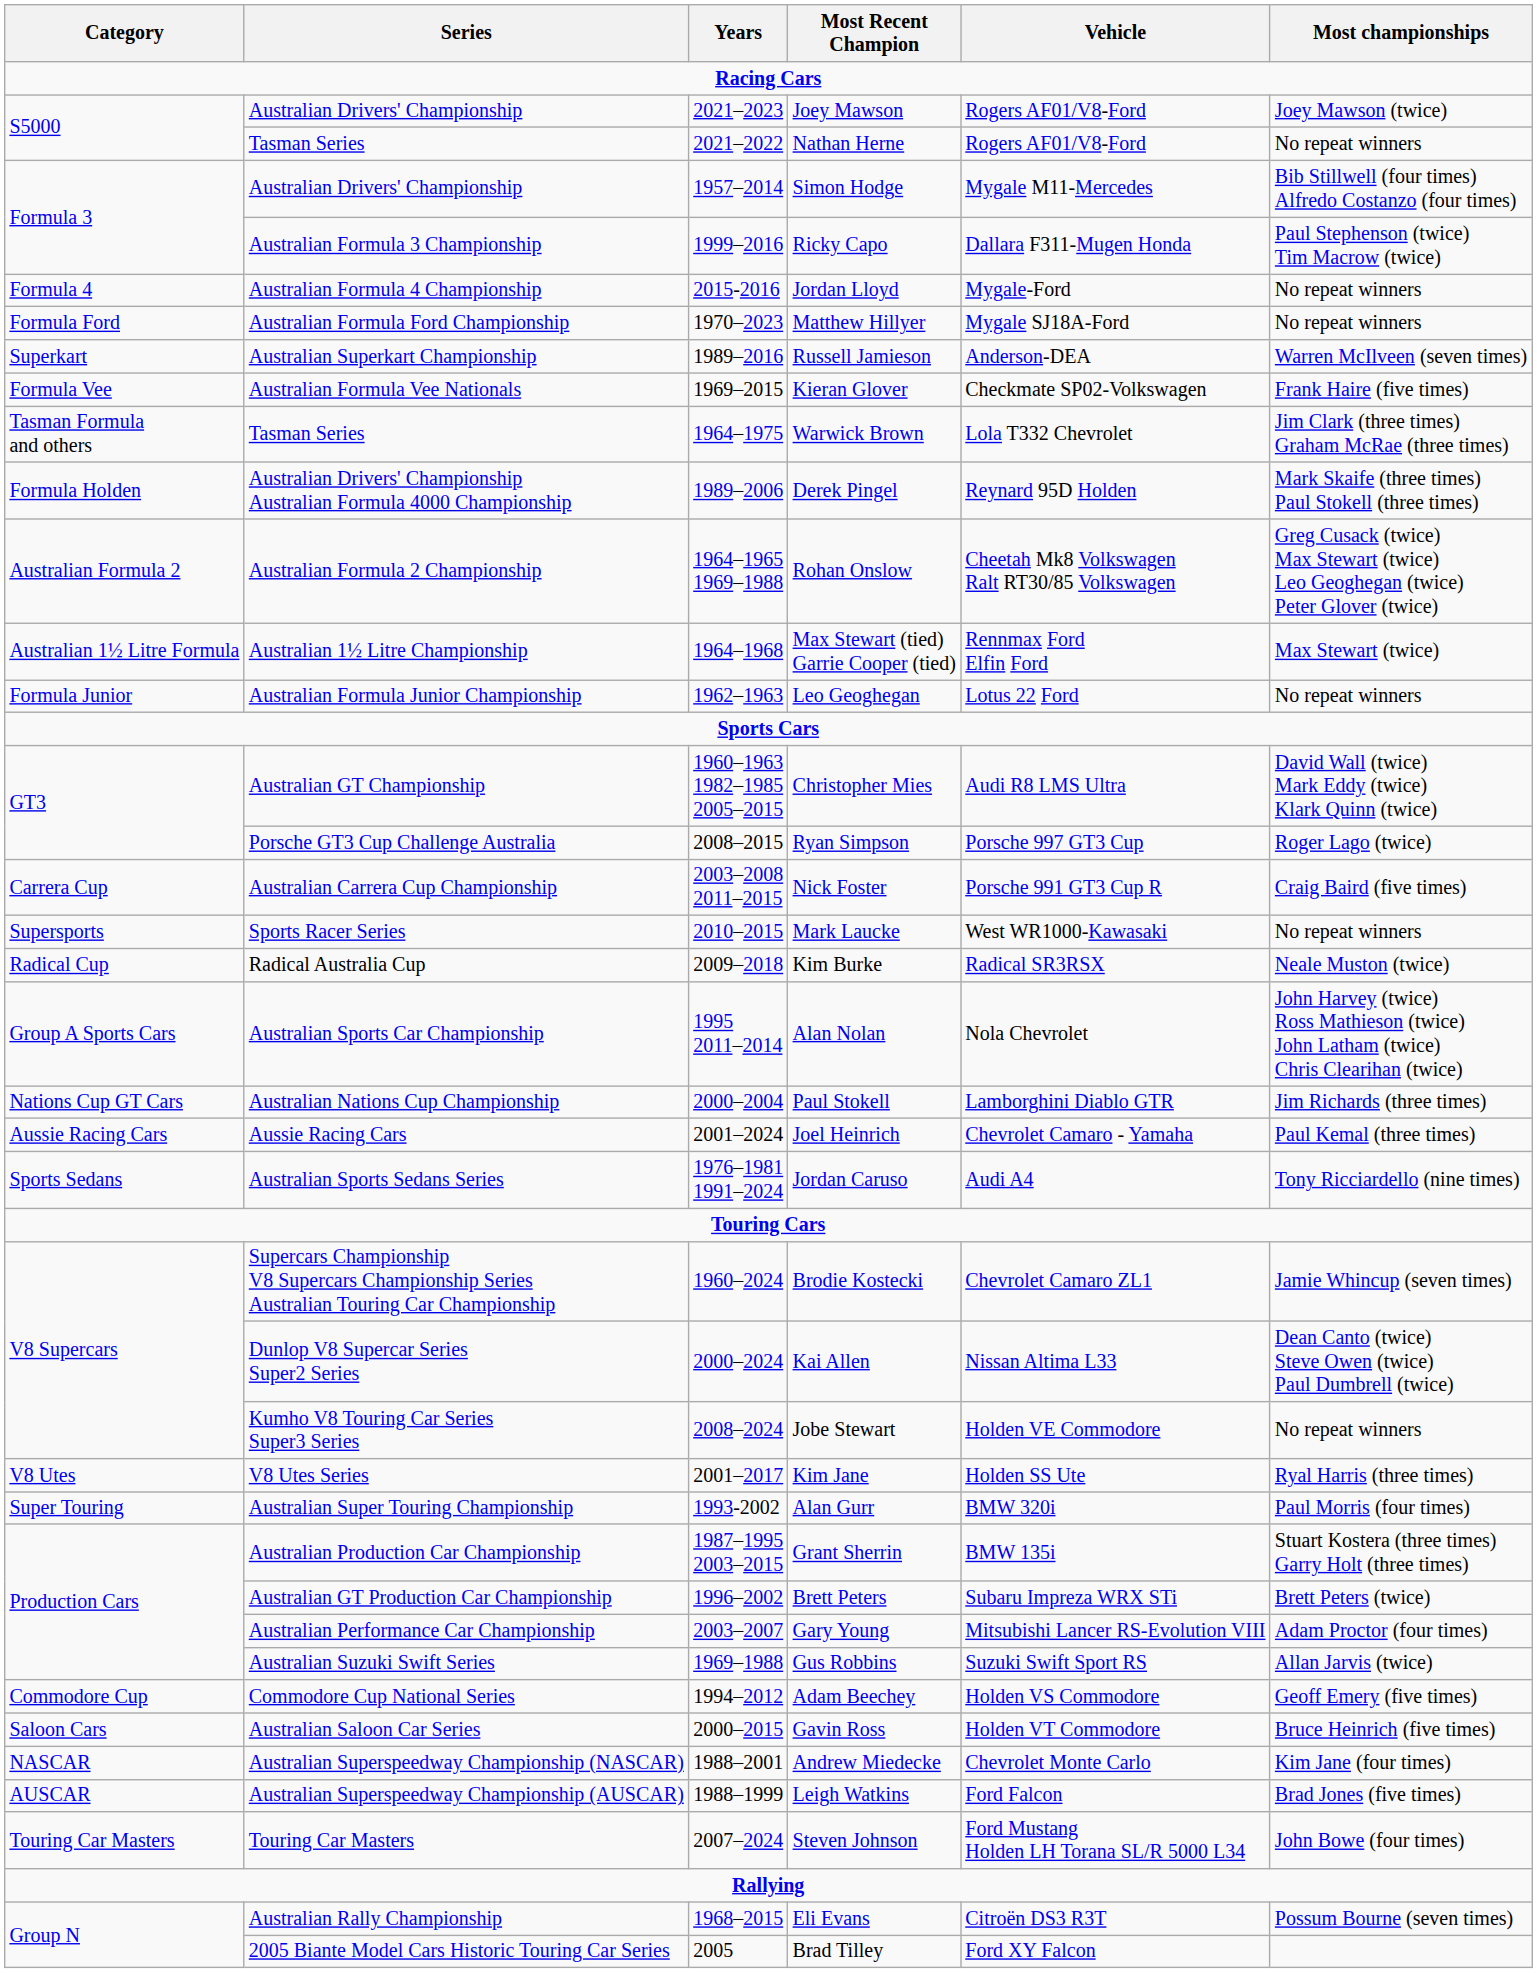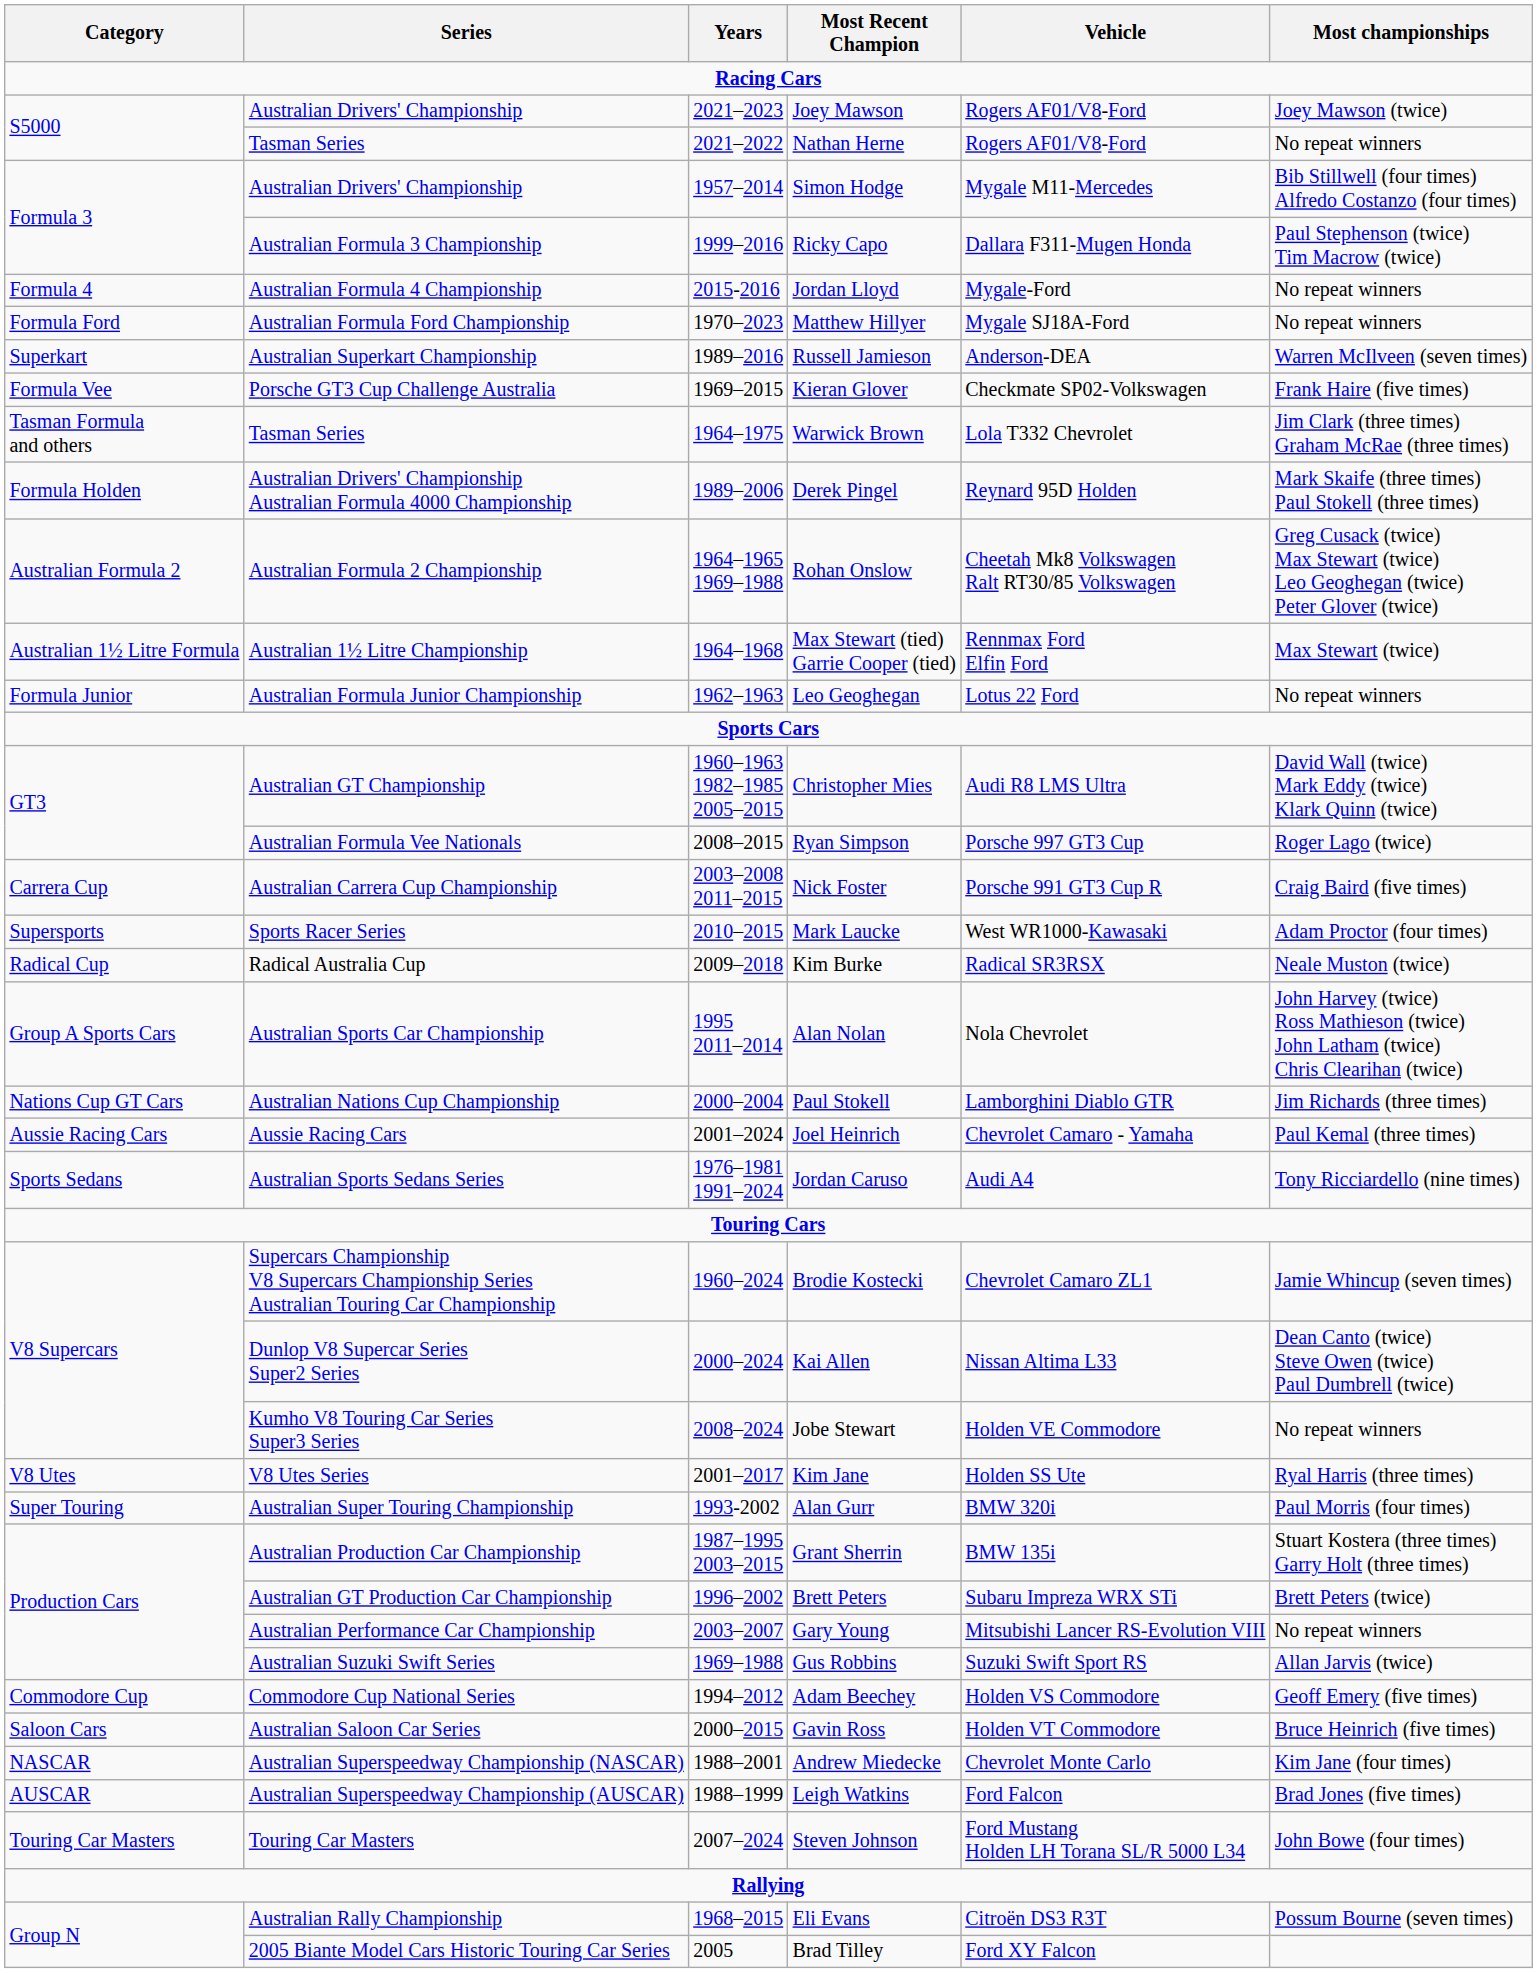 <table class="wikitable" style="font-size: 90%">
 <tr>
 <th>Category</th>
 <th>Series</th>
 <th>Years</th>
 <th>Most Recent<br>Champion</th>
 <th>Vehicle</th>
 <th>Most championships</th>
 </tr>
 <tr>
 <td colspan=8 align="center"><strong><a href='#'>Racing Cars</a></strong></td>
 </tr>
 <tr>
 <td rowspan=2><a href='#'>S5000</a></td>
 <td><a href='#'>Australian Drivers' Championship</a></td>
 <td><a href='#'>2021</a>–<a href='#'>2023</a></td>
 <td> <a href='#'>Joey Mawson</a></td>
 <td><a href='#'>Rogers AF01/V8</a>-<a href='#'>Ford</a></td>
 <td> <a href='#'>Joey Mawson</a> (twice)</td>
 </tr>
 <tr>
 <td><a href='#'>Tasman Series</a></td>
 <td><a href='#'>2021</a>–<a href='#'>2022</a></td>
 <td> <a href='#'>Nathan Herne</a></td>
 <td><a href='#'>Rogers AF01/V8</a>-<a href='#'>Ford</a></td>
 <td>No repeat winners</td>
 </tr>
 <tr>
 <td rowspan=2><a href='#'>Formula 3</a></td>
 <td><a href='#'>Australian Drivers' Championship</a></td>
 <td><a href='#'>1957</a>–<a href='#'>2014</a></td>
 <td> <a href='#'>Simon Hodge</a></td>
 <td><a href='#'>Mygale</a> M11-<a href='#'>Mercedes</a></td>
 <td> <a href='#'>Bib Stillwell</a> (four times)<br> <a href='#'>Alfredo Costanzo</a> (four times)</td>
 </tr>
 <tr>
 <td><a href='#'>Australian Formula 3 Championship</a></td>
 <td><a href='#'>1999</a>–<a href='#'>2016</a></td>
 <td> <a href='#'>Ricky Capo</a></td>
 <td><a href='#'>Dallara</a> F311-<a href='#'>Mugen Honda</a></td>
 <td> <a href='#'>Paul Stephenson</a> (twice)<br> <a href='#'>Tim Macrow</a> (twice)</td>
 </tr>
 <tr>
 <td><a href='#'>Formula 4</a></td>
 <td><a href='#'>Australian Formula 4 Championship</a></td>
 <td><a href='#'>2015</a>-<a href='#'>2016</a></td>
 <td> <a href='#'>Jordan Lloyd</a></td>
 <td><a href='#'>Mygale</a>-Ford</td>
 <td>No repeat winners</td>
 </tr>
 <tr>
 <td><a href='#'>Formula Ford</a></td>
 <td><a href='#'>Australian Formula Ford Championship</a></td>
 <td>1970–<a href='#'>2023</a></td>
 <td> <a href='#'>Matthew Hillyer</a></td>
 <td><a href='#'>Mygale</a> SJ18A-Ford</td>
 <td>No repeat winners</td>
 </tr>
 <tr>
 <td><a href='#'>Superkart</a></td>
 <td><a href='#'>Australian Superkart Championship</a></td>
 <td>1989–<a href='#'>2016</a></td>
 <td> <a href='#'>Russell Jamieson</a></td>
 <td><a href='#'>Anderson</a>-DEA</td>
 <td> <a href='#'>Warren McIlveen</a> (seven times)</td>
 </tr>
 <tr>
 <td><a href='#'>Formula Vee</a></td>
-<td><a href='#'>Australian Formula Vee Nationals</a></td>
+<td><a href='#'>Porsche GT3 Cup Challenge Australia</a></td>
 <td>1969–2015</td>
 <td> <a href='#'>Kieran Glover</a></td>
 <td>Checkmate SP02-Volkswagen</td>
 <td> <a href='#'>Frank Haire</a> (five times)</td>
 </tr>
 <tr>
 <td><a href='#'>Tasman Formula</a><br>and others</td>
 <td><a href='#'>Tasman Series</a></td>
 <td><a href='#'>1964</a>–<a href='#'>1975</a></td>
 <td> <a href='#'>Warwick Brown</a></td>
 <td><a href='#'>Lola</a> T332 Chevrolet</td>
 <td> <a href='#'>Jim Clark</a> (three times)<br> <a href='#'>Graham McRae</a> (three times)</td>
 </tr>
 <tr>
 <td><a href='#'>Formula Holden</a></td>
 <td><a href='#'>Australian Drivers' Championship</a><br><a href='#'>Australian Formula 4000 Championship</a></td>
 <td><a href='#'>1989</a>–<a href='#'>2006</a></td>
 <td> <a href='#'>Derek Pingel</a></td>
 <td><a href='#'>Reynard</a> 95D <a href='#'>Holden</a></td>
 <td> <a href='#'>Mark Skaife</a> (three times)<br> <a href='#'>Paul Stokell</a> (three times)</td>
 </tr>
 <tr>
 <td><a href='#'>Australian Formula 2</a></td>
 <td><a href='#'>Australian Formula 2 Championship</a></td>
 <td><a href='#'>1964</a>–<a href='#'>1965</a><br><a href='#'>1969</a>–<a href='#'>1988</a></td>
 <td> <a href='#'>Rohan Onslow</a></td>
 <td><a href='#'>Cheetah</a> Mk8 <a href='#'>Volkswagen</a><br><a href='#'>Ralt</a> RT30/85 <a href='#'>Volkswagen</a></td>
 <td> <a href='#'>Greg Cusack</a> (twice)<br> <a href='#'>Max Stewart</a> (twice)<br> <a href='#'>Leo Geoghegan</a> (twice)<br> <a href='#'>Peter Glover</a> (twice)</td>
 </tr>
 <tr>
 <td><a href='#'>Australian 1½ Litre Formula</a></td>
 <td><a href='#'>Australian 1½ Litre Championship</a></td>
 <td><a href='#'>1964</a>–<a href='#'>1968</a></td>
 <td> <a href='#'>Max Stewart</a> (tied)<br> <a href='#'>Garrie Cooper</a> (tied)</td>
 <td><a href='#'>Rennmax</a> <a href='#'>Ford</a><br><a href='#'>Elfin</a> <a href='#'>Ford</a></td>
 <td> <a href='#'>Max Stewart</a> (twice)</td>
 </tr>
 <tr>
 <td><a href='#'>Formula Junior</a></td>
 <td><a href='#'>Australian Formula Junior Championship</a></td>
 <td><a href='#'>1962</a>–<a href='#'>1963</a></td>
 <td> <a href='#'>Leo Geoghegan</a></td>
 <td><a href='#'>Lotus 22</a> <a href='#'>Ford</a></td>
 <td>No repeat winners</td>
 </tr>
 <tr>
 <td colspan=8 align="center"><strong><a href='#'>Sports Cars</a></strong></td>
 </tr>
 <tr>
 <td rowspan=2><a href='#'>GT3</a></td>
 <td><a href='#'>Australian GT Championship</a></td>
 <td><a href='#'>1960</a>–<a href='#'>1963</a><br><a href='#'>1982</a>–<a href='#'>1985</a><br><a href='#'>2005</a>–<a href='#'>2015</a></td>
 <td> <a href='#'>Christopher Mies</a></td>
 <td><a href='#'>Audi R8 LMS Ultra</a></td>
 <td> <a href='#'>David Wall</a> (twice)<br> <a href='#'>Mark Eddy</a> (twice)<br> <a href='#'>Klark Quinn</a> (twice)</td>
 </tr>
 <tr>
-<td><a href='#'>Porsche GT3 Cup Challenge Australia</a></td>
+<td><a href='#'>Australian Formula Vee Nationals</a></td>
 <td>2008–2015</td>
 <td> <a href='#'>Ryan Simpson</a></td>
 <td><a href='#'>Porsche 997 GT3 Cup</a></td>
 <td> <a href='#'>Roger Lago</a> (twice)</td>
 </tr>
 <tr>
 <td><a href='#'>Carrera Cup</a></td>
 <td><a href='#'>Australian Carrera Cup Championship</a></td>
 <td><a href='#'>2003</a>–<a href='#'>2008</a><br><a href='#'>2011</a>–<a href='#'>2015</a></td>
 <td> <a href='#'>Nick Foster</a></td>
 <td><a href='#'>Porsche 991 GT3 Cup R</a></td>
 <td> <a href='#'>Craig Baird</a> (five times)</td>
 </tr>
 <tr>
 <td><a href='#'>Supersports</a></td>
 <td><a href='#'>Sports Racer Series</a></td>
 <td><a href='#'>2010</a>–<a href='#'>2015</a></td>
 <td> <a href='#'>Mark Laucke</a></td>
 <td>West WR1000-<a href='#'>Kawasaki</a></td>
-<td>No repeat winners</td>
+<td> <a href='#'>Adam Proctor</a> (four times)</td>
 </tr>
 <tr>
 <td><a href='#'>Radical Cup</a></td>
 <td>Radical Australia Cup</td>
 <td>2009–<a href='#'>2018</a></td>
 <td> Kim Burke</td>
 <td><a href='#'>Radical SR3RSX</a></td>
 <td> <a href='#'>Neale Muston</a> (twice)</td>
 </tr>
 <tr>
 <td><a href='#'>Group A Sports Cars</a></td>
 <td><a href='#'>Australian Sports Car Championship</a></td>
 <td><a href='#'>1995</a><br><a href='#'>2011</a>–<a href='#'>2014</a></td>
 <td> <a href='#'>Alan Nolan</a></td>
 <td>Nola Chevrolet</td>
 <td> <a href='#'>John Harvey</a> (twice)<br> <a href='#'>Ross Mathieson</a> (twice)<br> <a href='#'>John Latham</a> (twice)<br> <a href='#'>Chris Clearihan</a> (twice)</td>
 </tr>
 <tr>
 <td><a href='#'>Nations Cup GT Cars</a></td>
 <td><a href='#'>Australian Nations Cup Championship</a></td>
 <td><a href='#'>2000</a>–<a href='#'>2004</a></td>
 <td> <a href='#'>Paul Stokell</a></td>
 <td><a href='#'>Lamborghini Diablo GTR</a></td>
 <td> <a href='#'>Jim Richards</a> (three times)</td>
 </tr>
 <tr>
 <td><a href='#'>Aussie Racing Cars</a></td>
 <td><a href='#'>Aussie Racing Cars</a></td>
 <td>2001–2024</td>
 <td> <a href='#'>Joel Heinrich</a></td>
 <td><a href='#'>Chevrolet Camaro</a> - <a href='#'>Yamaha</a></td>
 <td> <a href='#'>Paul Kemal</a> (three times)</td>
 </tr>
 <tr>
 <td><a href='#'>Sports Sedans</a></td>
 <td><a href='#'>Australian Sports Sedans Series</a></td>
 <td><a href='#'>1976</a>–<a href='#'>1981</a><br><a href='#'>1991</a>–<a href='#'>2024</a></td>
 <td> <a href='#'>Jordan Caruso</a></td>
 <td><a href='#'>Audi A4</a></td>
 <td> <a href='#'>Tony Ricciardello</a> (nine times)</td>
 </tr>
 <tr>
 <td colspan=8 align="center"><strong><a href='#'>Touring Cars</a></strong></td>
 </tr>
 <tr>
 <td rowspan=3><a href='#'>V8 Supercars</a></td>
 <td><a href='#'>Supercars Championship</a><br><a href='#'>V8 Supercars Championship Series</a><br><a href='#'>Australian Touring Car Championship</a></td>
 <td><a href='#'>1960</a>–<a href='#'>2024</a></td>
 <td> <a href='#'>Brodie Kostecki</a></td>
 <td><a href='#'>Chevrolet Camaro ZL1</a></td>
 <td> <a href='#'>Jamie Whincup</a> (seven times)</td>
 </tr>
 <tr>
 <td><a href='#'>Dunlop V8 Supercar Series</a><br><a href='#'>Super2 Series</a></td>
 <td><a href='#'>2000</a>–<a href='#'>2024</a></td>
 <td> <a href='#'>Kai Allen</a></td>
 <td><a href='#'>Nissan Altima L33</a></td>
 <td> <a href='#'>Dean Canto</a> (twice)<br> <a href='#'>Steve Owen</a> (twice)<br> <a href='#'>Paul Dumbrell</a> (twice)</td>
 </tr>
 <tr>
 <td><a href='#'>Kumho V8 Touring Car Series</a><br><a href='#'>Super3 Series</a></td>
 <td><a href='#'>2008</a>–<a href='#'>2024</a></td>
 <td> Jobe Stewart</td>
 <td><a href='#'>Holden VE Commodore</a></td>
 <td>No repeat winners</td>
 </tr>
 <tr>
 <td><a href='#'>V8 Utes</a></td>
 <td><a href='#'>V8 Utes Series</a></td>
 <td>2001–<a href='#'>2017</a></td>
 <td> <a href='#'>Kim Jane</a></td>
 <td><a href='#'>Holden SS Ute</a></td>
 <td> <a href='#'>Ryal Harris</a> (three times)</td>
 </tr>
 <tr>
 <td><a href='#'>Super Touring</a></td>
 <td><a href='#'>Australian Super Touring Championship</a></td>
 <td><a href='#'>1993</a>-2002</td>
 <td> <a href='#'>Alan Gurr</a></td>
 <td><a href='#'>BMW 320i</a></td>
 <td> <a href='#'>Paul Morris</a> (four times)</td>
 </tr>
 <tr>
 <td rowspan=4><a href='#'>Production Cars</a></td>
 <td><a href='#'>Australian Production Car Championship</a></td>
 <td><a href='#'>1987</a>–<a href='#'>1995</a><br><a href='#'>2003</a>–<a href='#'>2015</a></td>
 <td> <a href='#'>Grant Sherrin</a></td>
 <td><a href='#'>BMW 135i</a></td>
 <td> Stuart Kostera (three times)<br> <a href='#'>Garry Holt</a> (three times)</td>
 </tr>
 <tr>
 <td><a href='#'>Australian GT Production Car Championship</a></td>
 <td><a href='#'>1996</a>–<a href='#'>2002</a></td>
 <td> <a href='#'>Brett Peters</a></td>
 <td><a href='#'>Subaru Impreza WRX STi</a></td>
 <td> <a href='#'>Brett Peters</a> (twice)</td>
 </tr>
 <tr>
 <td><a href='#'>Australian Performance Car Championship</a></td>
 <td><a href='#'>2003</a>–<a href='#'>2007</a></td>
 <td> <a href='#'>Gary Young</a></td>
 <td><a href='#'>Mitsubishi Lancer RS-Evolution VIII</a></td>
-<td> <a href='#'>Adam Proctor</a> (four times)</td>
+<td>No repeat winners</td>
 </tr>
 <tr>
 <td><a href='#'>Australian Suzuki Swift Series</a></td>
 <td><a href='#'>1969</a>–<a href='#'>1988</a></td>
 <td> <a href='#'>Gus Robbins</a></td>
 <td><a href='#'>Suzuki Swift Sport RS</a></td>
 <td> <a href='#'>Allan Jarvis</a> (twice)</td>
 </tr>
 <tr>
 <td><a href='#'>Commodore Cup</a></td>
 <td><a href='#'>Commodore Cup National Series</a></td>
 <td>1994–<a href='#'>2012</a></td>
 <td> <a href='#'>Adam Beechey</a></td>
 <td><a href='#'>Holden VS Commodore</a></td>
 <td> <a href='#'>Geoff Emery</a> (five times)</td>
 </tr>
 <tr>
 <td><a href='#'>Saloon Cars</a></td>
 <td><a href='#'>Australian Saloon Car Series</a></td>
 <td>2000–<a href='#'>2015</a></td>
 <td> <a href='#'>Gavin Ross</a></td>
 <td><a href='#'>Holden VT Commodore</a></td>
 <td> <a href='#'>Bruce Heinrich</a> (five times)</td>
 </tr>
 <tr>
 <td><a href='#'>NASCAR</a></td>
 <td><a href='#'>Australian Superspeedway Championship (NASCAR)</a></td>
 <td>1988–2001</td>
 <td> <a href='#'>Andrew Miedecke</a></td>
 <td><a href='#'>Chevrolet Monte Carlo</a></td>
 <td> <a href='#'>Kim Jane</a> (four times)</td>
 </tr>
 <tr>
 <td><a href='#'>AUSCAR</a></td>
 <td><a href='#'>Australian Superspeedway Championship (AUSCAR)</a></td>
 <td>1988–1999</td>
 <td> <a href='#'>Leigh Watkins</a></td>
 <td><a href='#'>Ford Falcon</a></td>
 <td> <a href='#'>Brad Jones</a> (five times)</td>
 </tr>
 <tr>
 <td><a href='#'>Touring Car Masters</a></td>
 <td><a href='#'>Touring Car Masters</a></td>
 <td>2007–<a href='#'>2024</a></td>
 <td> <a href='#'>Steven Johnson</a></td>
 <td><a href='#'>Ford Mustang</a><br><a href='#'>Holden LH Torana SL/R 5000 L34</a></td>
 <td> <a href='#'>John Bowe</a> (four times)</td>
 </tr>
 <tr>
 <td colspan=8 align="center"><strong><a href='#'>Rallying</a></strong></td>
 </tr>
 <tr>
 <td rowspan=2><a href='#'>Group N</a></td>
 <td><a href='#'>Australian Rally Championship</a></td>
 <td><a href='#'>1968</a>–<a href='#'>2015</a></td>
 <td> <a href='#'>Eli Evans</a></td>
 <td><a href='#'>Citroën DS3 R3T</a></td>
 <td> <a href='#'>Possum Bourne</a> (seven times)</td>
 </tr>
 <tr>
 <td><a href='#'>2005 Biante Model Cars Historic Touring Car Series</a></td>
 <td>2005</td>
 <td>Brad Tilley</td>
 <td><a href='#'>Ford XY Falcon</a></td>
 <td></td>
 </tr>
 </table>
